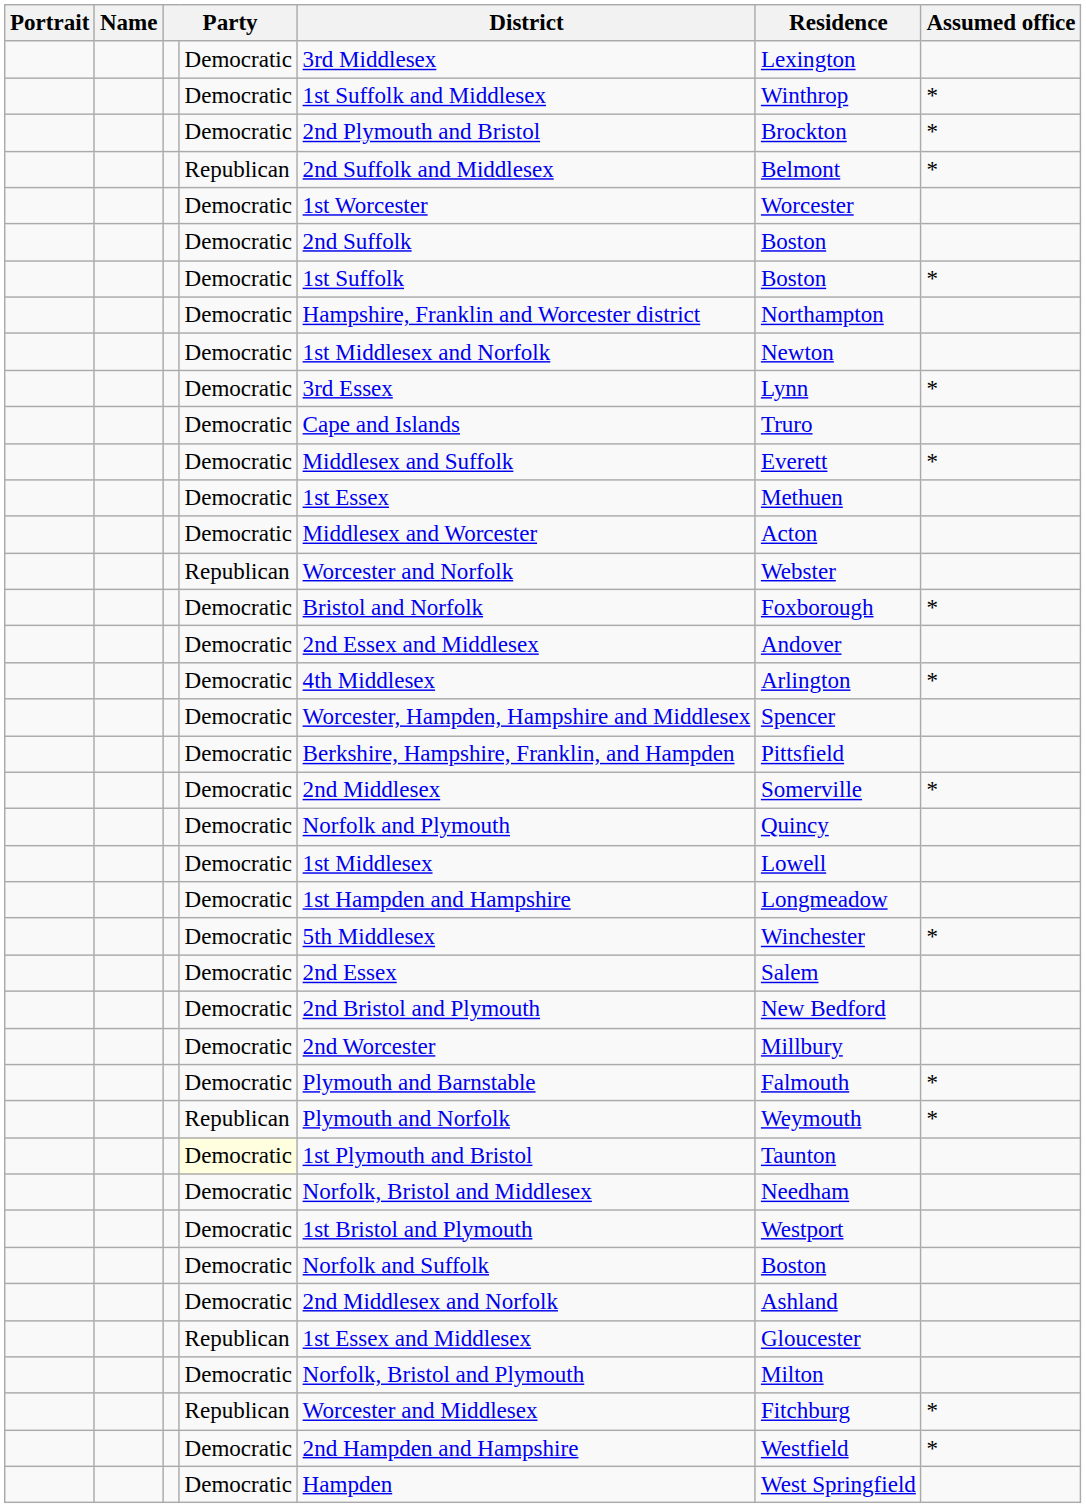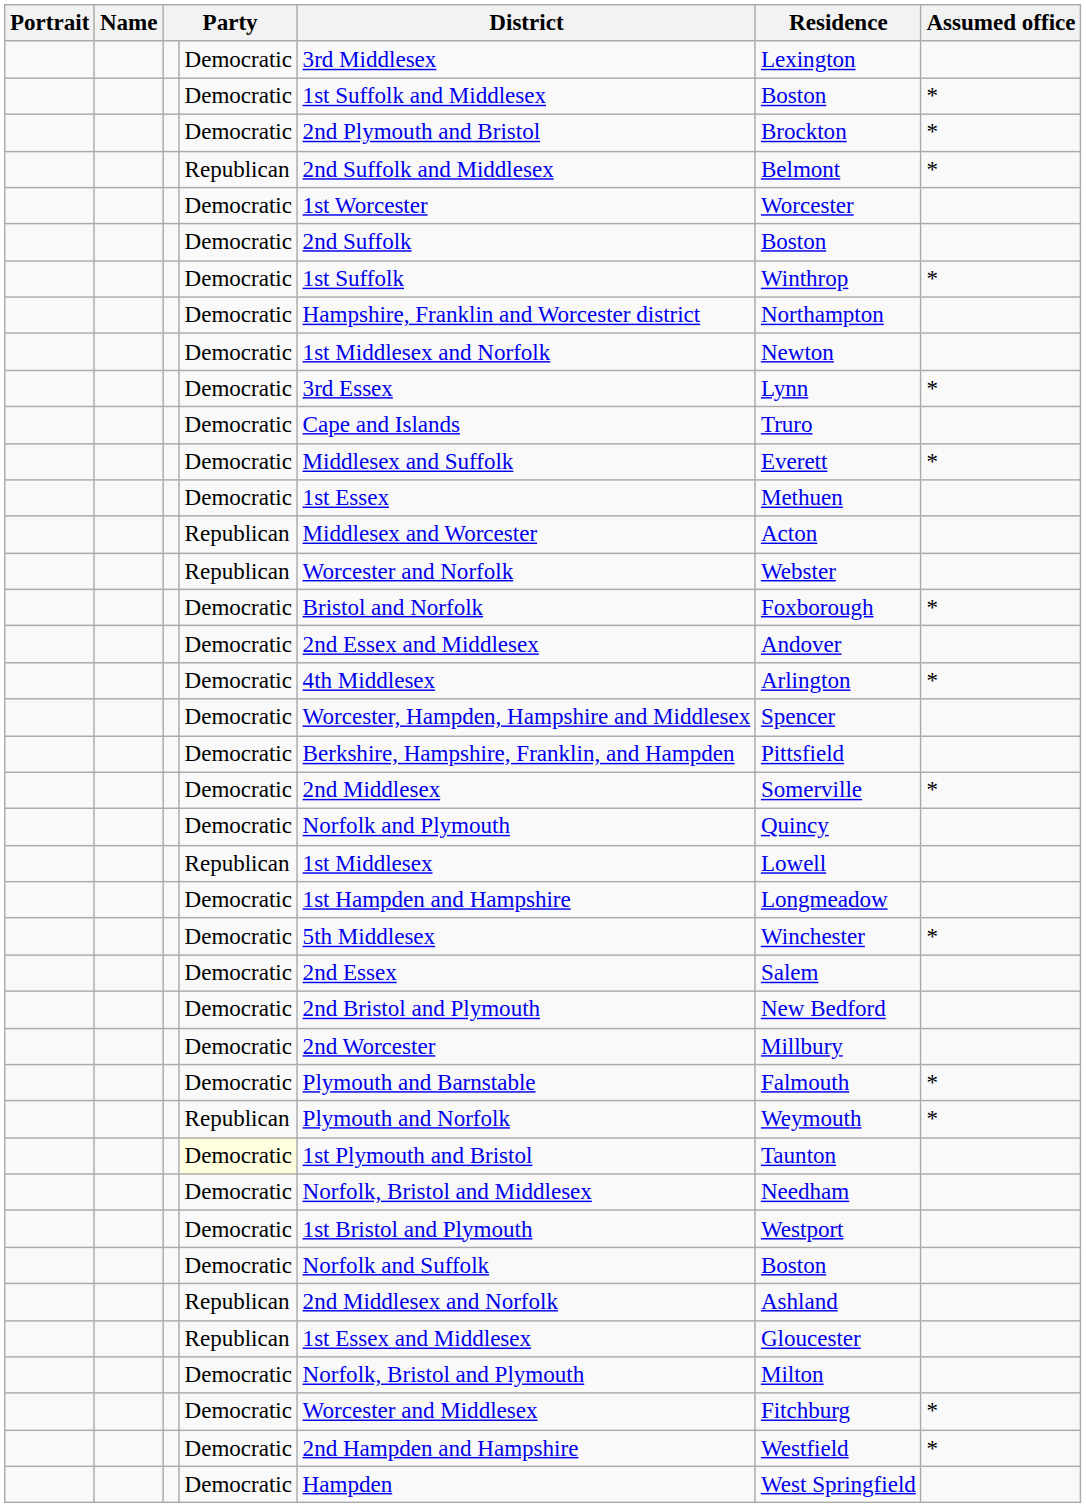 <table class="wikitable sortable" style="text-align:left">
 <tr>
 <th>Portrait</th>
 <th>Name</th>
 <th colspan=2>Party</th>
 <th>District</th>
 <th>Residence</th>
 <th>Assumed office</th>
 </tr>
 <tr>
 <td></td>
 <td></td>
 <td style="background-color:"> </td>
 <td>Democratic</td>
 <td><a href='#'>3rd Middlesex</a></td>
 <td><a href='#'>Lexington</a></td>
 <td></td>
 </tr>
 <tr>
 <td></td>
 <td><br></td>
 <td style="background-color:"> </td>
 <td>Democratic</td>
 <td><a href='#'>1st Suffolk and Middlesex</a></td>
-<td><a href='#'>Winthrop</a></td>
+<td><a href='#'>Boston</a></td>
 <td>*</td>
 </tr>
 <tr>
 <td></td>
 <td></td>
 <td style="background-color:"> </td>
 <td>Democratic</td>
 <td><a href='#'>2nd Plymouth and Bristol</a></td>
 <td><a href='#'>Brockton</a></td>
 <td>*</td>
 </tr>
 <tr>
 <td></td>
 <td></td>
 <td style="background-color:"> </td>
 <td>Republican</td>
 <td><a href='#'>2nd Suffolk and Middlesex</a></td>
 <td><a href='#'>Belmont</a></td>
 <td>*</td>
 </tr>
 <tr>
 <td></td>
 <td></td>
 <td style="background-color:"> </td>
 <td>Democratic</td>
 <td><a href='#'>1st Worcester</a></td>
 <td><a href='#'>Worcester</a></td>
 <td></td>
 </tr>
 <tr>
 <td></td>
 <td></td>
 <td style="background-color:"> </td>
 <td>Democratic</td>
 <td><a href='#'>2nd Suffolk</a></td>
 <td><a href='#'>Boston</a></td>
 <td></td>
 </tr>
 <tr>
 <td></td>
 <td></td>
 <td style="background-color:"> </td>
 <td>Democratic</td>
 <td><a href='#'>1st Suffolk</a></td>
-<td><a href='#'>Boston</a></td>
+<td><a href='#'>Winthrop</a></td>
 <td>*</td>
 </tr>
 <tr>
 <td></td>
 <td></td>
 <td style="background-color:"> </td>
 <td>Democratic</td>
 <td><a href='#'>Hampshire, Franklin and Worcester district</a></td>
 <td><a href='#'>Northampton</a></td>
 <td></td>
 </tr>
 <tr>
 <td></td>
 <td></td>
 <td style="background-color:"> </td>
 <td>Democratic</td>
 <td><a href='#'>1st Middlesex and Norfolk</a></td>
 <td><a href='#'>Newton</a></td>
 <td></td>
 </tr>
 <tr>
 <td></td>
 <td></td>
 <td style="background-color:"> </td>
 <td>Democratic</td>
 <td><a href='#'>3rd Essex</a></td>
 <td><a href='#'>Lynn</a></td>
 <td>*</td>
 </tr>
 <tr>
 <td></td>
 <td></td>
 <td style="background-color:"> </td>
 <td>Democratic</td>
 <td><a href='#'>Cape and Islands</a></td>
 <td><a href='#'>Truro</a></td>
 <td></td>
 </tr>
 <tr>
 <td></td>
 <td></td>
 <td style="background-color:"> </td>
 <td>Democratic</td>
 <td><a href='#'>Middlesex and Suffolk</a></td>
 <td><a href='#'>Everett</a></td>
 <td>*</td>
 </tr>
 <tr>
 <td></td>
 <td></td>
 <td style="background-color:"> </td>
 <td>Democratic</td>
 <td><a href='#'>1st Essex</a></td>
 <td><a href='#'>Methuen</a></td>
 <td></td>
 </tr>
 <tr>
 <td></td>
 <td></td>
 <td style="background-color:"> </td>
-<td>Democratic</td>
+<td>Republican</td>
 <td><a href='#'>Middlesex and Worcester</a></td>
 <td><a href='#'>Acton</a></td>
 <td></td>
 </tr>
 <tr>
 <td></td>
 <td></td>
 <td style="background-color:"> </td>
 <td>Republican</td>
 <td><a href='#'>Worcester and Norfolk</a></td>
 <td><a href='#'>Webster</a></td>
 <td></td>
 </tr>
 <tr>
 <td></td>
 <td></td>
 <td style="background-color:"> </td>
 <td>Democratic</td>
 <td><a href='#'>Bristol and Norfolk</a></td>
 <td><a href='#'>Foxborough</a></td>
 <td>*</td>
 </tr>
 <tr>
 <td></td>
 <td></td>
 <td style="background-color:"> </td>
 <td>Democratic</td>
 <td><a href='#'>2nd Essex and Middlesex</a></td>
 <td><a href='#'>Andover</a></td>
 <td></td>
 </tr>
 <tr>
 <td></td>
 <td></td>
 <td style="background-color:"> </td>
 <td>Democratic</td>
 <td><a href='#'>4th Middlesex</a></td>
 <td><a href='#'>Arlington</a></td>
 <td>*</td>
 </tr>
 <tr>
 <td></td>
 <td></td>
 <td style="background-color:"> </td>
 <td>Democratic</td>
 <td><a href='#'>Worcester, Hampden, Hampshire and Middlesex</a></td>
 <td><a href='#'>Spencer</a></td>
 <td></td>
 </tr>
 <tr>
 <td></td>
 <td></td>
 <td style="background-color:"> </td>
 <td>Democratic</td>
 <td><a href='#'>Berkshire, Hampshire, Franklin, and Hampden</a></td>
 <td><a href='#'>Pittsfield</a></td>
 <td></td>
 </tr>
 <tr>
 <td></td>
 <td></td>
 <td style="background-color:"> </td>
 <td>Democratic</td>
 <td><a href='#'>2nd Middlesex</a></td>
 <td><a href='#'>Somerville</a></td>
 <td>*</td>
 </tr>
 <tr>
 <td></td>
 <td></td>
 <td style="background-color:"> </td>
 <td>Democratic</td>
 <td><a href='#'>Norfolk and Plymouth</a></td>
 <td><a href='#'>Quincy</a></td>
 <td></td>
 </tr>
 <tr>
 <td></td>
 <td></td>
 <td style="background-color:"> </td>
-<td>Democratic</td>
+<td>Republican</td>
 <td><a href='#'>1st Middlesex</a></td>
 <td><a href='#'>Lowell</a></td>
 <td></td>
 </tr>
 <tr>
 <td></td>
 <td></td>
 <td style="background-color:"> </td>
 <td>Democratic</td>
 <td><a href='#'>1st Hampden and Hampshire</a></td>
 <td><a href='#'>Longmeadow</a></td>
 <td></td>
 </tr>
 <tr>
 <td></td>
 <td></td>
 <td style="background-color:"> </td>
 <td>Democratic</td>
 <td><a href='#'>5th Middlesex</a></td>
 <td><a href='#'>Winchester</a></td>
 <td>*</td>
 </tr>
 <tr>
 <td></td>
 <td></td>
 <td style="background-color:"> </td>
 <td>Democratic</td>
 <td><a href='#'>2nd Essex</a></td>
 <td><a href='#'>Salem</a></td>
 <td></td>
 </tr>
 <tr>
 <td></td>
 <td></td>
 <td style="background-color:"> </td>
 <td>Democratic</td>
 <td><a href='#'>2nd Bristol and Plymouth</a></td>
 <td><a href='#'>New Bedford</a></td>
 <td></td>
 </tr>
 <tr>
 <td></td>
 <td></td>
 <td style="background-color:"> </td>
 <td>Democratic</td>
 <td><a href='#'>2nd Worcester</a></td>
 <td><a href='#'>Millbury</a></td>
 <td></td>
 </tr>
 <tr>
 <td></td>
 <td></td>
 <td style="background-color:"> </td>
 <td>Democratic</td>
 <td><a href='#'>Plymouth and Barnstable</a></td>
 <td><a href='#'>Falmouth</a></td>
 <td>*</td>
 </tr>
 <tr>
 <td></td>
 <td></td>
 <td style="background-color:"> </td>
 <td>Republican</td>
 <td><a href='#'>Plymouth and Norfolk</a></td>
 <td><a href='#'>Weymouth</a></td>
 <td>*</td>
 </tr>
 <tr>
 <td></td>
 <td></td>
 <td style="background-color:"> </td>
 <td style="background: lightyellow;">Democratic</td>
 <td><a href='#'>1st Plymouth and Bristol</a></td>
 <td><a href='#'>Taunton</a></td>
 <td></td>
 </tr>
 <tr>
 <td></td>
 <td></td>
 <td style="background-color:"> </td>
 <td>Democratic</td>
 <td><a href='#'>Norfolk, Bristol and Middlesex</a></td>
 <td><a href='#'>Needham</a></td>
 <td></td>
 </tr>
 <tr>
 <td></td>
 <td></td>
 <td style="background-color:"> </td>
 <td>Democratic</td>
 <td><a href='#'>1st Bristol and Plymouth</a></td>
 <td><a href='#'>Westport</a></td>
 <td></td>
 </tr>
 <tr>
 <td></td>
 <td></td>
 <td style="background-color:"> </td>
 <td>Democratic</td>
 <td><a href='#'>Norfolk and Suffolk</a></td>
 <td><a href='#'>Boston</a></td>
 <td></td>
 </tr>
 <tr>
 <td></td>
 <td></td>
 <td style="background-color:"> </td>
-<td>Democratic</td>
+<td>Republican</td>
 <td><a href='#'>2nd Middlesex and Norfolk</a></td>
 <td><a href='#'>Ashland</a></td>
 <td></td>
 </tr>
 <tr>
 <td></td>
 <td></td>
 <td style="background-color:"> </td>
 <td>Republican</td>
 <td><a href='#'>1st Essex and Middlesex</a></td>
 <td><a href='#'>Gloucester</a></td>
 <td></td>
 </tr>
 <tr>
 <td></td>
 <td></td>
 <td style="background-color:"> </td>
 <td>Democratic</td>
 <td><a href='#'>Norfolk, Bristol and Plymouth</a></td>
 <td><a href='#'>Milton</a></td>
 <td></td>
 </tr>
 <tr>
 <td></td>
 <td></td>
 <td style="background-color:"> </td>
-<td>Republican</td>
+<td>Democratic</td>
 <td><a href='#'>Worcester and Middlesex</a></td>
 <td><a href='#'>Fitchburg</a></td>
 <td>*</td>
 </tr>
 <tr>
 <td></td>
 <td></td>
 <td style="background-color:"> </td>
 <td>Democratic</td>
 <td><a href='#'>2nd Hampden and Hampshire</a></td>
 <td><a href='#'>Westfield</a></td>
 <td>*</td>
 </tr>
 <tr>
 <td></td>
 <td></td>
 <td style="background-color:"> </td>
 <td>Democratic</td>
 <td><a href='#'>Hampden</a></td>
 <td><a href='#'>West Springfield</a></td>
 <td></td>
 </tr>
 </table>
